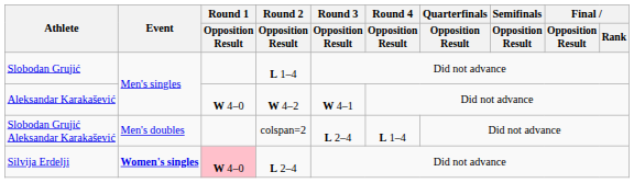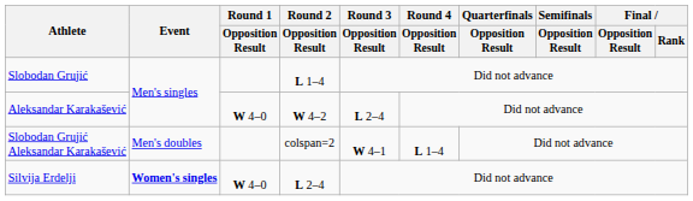 <table class="wikitable" style="font-size:90%">
 <tr>
 <th rowspan="2">Athlete</th>
 <th rowspan="2">Event</th>
 <th>Round 1</th>
 <th>Round 2</th>
 <th>Round 3</th>
 <th>Round 4</th>
 <th>Quarterfinals</th>
 <th>Semifinals</th>
 <th colspan=2>Final / </th>
 </tr>
 <tr style="font-size:95%">
 <th>Opposition<br>Result</th>
 <th>Opposition<br>Result</th>
 <th>Opposition<br>Result</th>
 <th>Opposition<br>Result</th>
 <th>Opposition<br>Result</th>
 <th>Opposition<br>Result</th>
 <th>Opposition<br>Result</th>
 <th>Rank</th>
 </tr>
 <tr align=center>
 <td align=left><a href='#'>Slobodan Grujić</a></td>
 <td align=left rowspan=2><a href='#'>Men's singles</a></td>
 <td></td>
 <td><br><strong>L</strong> 1–4</td>
 <td colspan=6>Did not advance</td>
 </tr>
 <tr align=center>
 <td align=left><a href='#'>Aleksandar Karakašević</a></td>
 <td><br><strong>W</strong> 4–0</td>
 <td><br><strong>W</strong> 4–2</td>
-<td><br><strong>W</strong> 4–1</td>
+<td><br><strong>L</strong> 2–4</td>
 <td colspan=5>Did not advance</td>
 </tr>
 <tr align=center>
 <td align=left><a href='#'>Slobodan Grujić</a><br><a href='#'>Aleksandar Karakašević</a></td>
 <td align=left><a href='#'>Men's doubles</a></td>
 <td></td>
 <td>colspan=2 </td>
-<td><br><strong>L</strong> 2–4</td>
+<td><br><strong>W</strong> 4–1</td>
 <td><br><strong>L</strong> 1–4</td>
 <td colspan=4>Did not advance</td>
 </tr>
 <tr align=center>
 <td align=left><a href='#'>Silvija Erdelji</a></td>
 <td align=left><strong><a href='#'>Women's singles</a></strong></td>
-<td style="background: pink;"><br><strong>W</strong> 4–0</td>
+<td><br><strong>W</strong> 4–0</td>
 <td><br><strong>L</strong> 2–4</td>
 <td colspan=6>Did not advance</td>
 </tr>
 </table>
